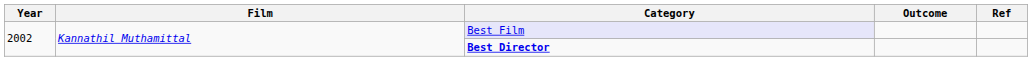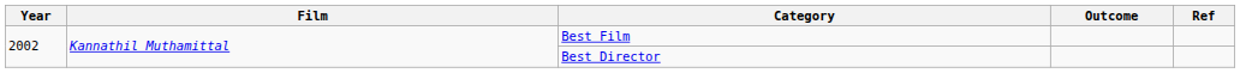 <table class="wikitable" style="width:100%;">
 <tr>
 <th width=5%>Year</th>
 <th style="width:40%;">Film</th>
 <th style="width:40%;">Category</th>
 <th style="width:10%;">Outcome</th>
 <th style="width:5%;">Ref</th>
 </tr>
 <tr>
 <td rowspan="2">2002</td>
 <td rowspan="2"><em><a href='#'>Kannathil Muthamittal</a></em></td>
-<td style="background: lavender;"><a href='#'>Best Film</a></td>
+<td><a href='#'>Best Film</a></td>
 <td></td>
 <td></td>
 </tr>
 <tr>
-<td><strong><a href='#'>Best Director</a></strong></td>
+<td><a href='#'>Best Director</a></td>
 <td></td>
 <td></td>
 </tr>
 </table>
